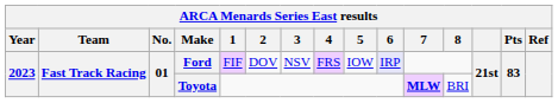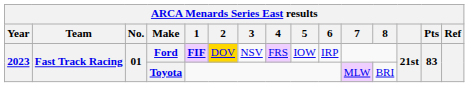 <table class="wikitable" style="text-align:center; font-size:75%">
 <tr>
 <th colspan=15><a href='#'>ARCA Menards Series East</a> results</th>
 </tr>
 <tr>
 <th>Year</th>
 <th>Team</th>
 <th>No.</th>
 <th>Make</th>
 <th>1</th>
 <th>2</th>
 <th>3</th>
 <th>4</th>
 <th>5</th>
 <th>6</th>
 <th>7</th>
 <th>8</th>
 <th></th>
 <th>Pts</th>
 <th>Ref</th>
 </tr>
 <tr>
 <th rowspan=2><a href='#'>2023</a></th>
 <th rowspan=2><a href='#'>Fast Track Racing</a></th>
 <th rowspan=2>01</th>
 <th><a href='#'>Ford</a></th>
-<td style="background:#EFCFFF;"><a href='#'>FIF</a><br></td>
-<td><a href='#'>DOV</a></td>
+<td style="background:#EFCFFF;"><strong><a href='#'>FIF</a><br></strong></td>
+<td style="background: gold;"><a href='#'>DOV</a></td>
 <td><a href='#'>NSV</a></td>
 <td style="background:#EFCFFF;"><a href='#'>FRS</a><br></td>
 <td><a href='#'>IOW</a></td>
-<td style="background: lavender;"><a href='#'>IRP</a></td>
+<td><a href='#'>IRP</a></td>
 <td colspan=2></td>
 <th rowspan=2>21st</th>
 <th rowspan=2>83</th>
 <th rowspan=2></th>
 </tr>
 <tr>
 <th><a href='#'>Toyota</a></th>
 <td colspan=6></td>
-<td style="background:#EFCFFF;"><strong><a href='#'>MLW</a><br></strong></td>
+<td style="background:#EFCFFF;"><a href='#'>MLW</a><br></td>
 <td><a href='#'>BRI</a></td>
 </tr>
 </table>
